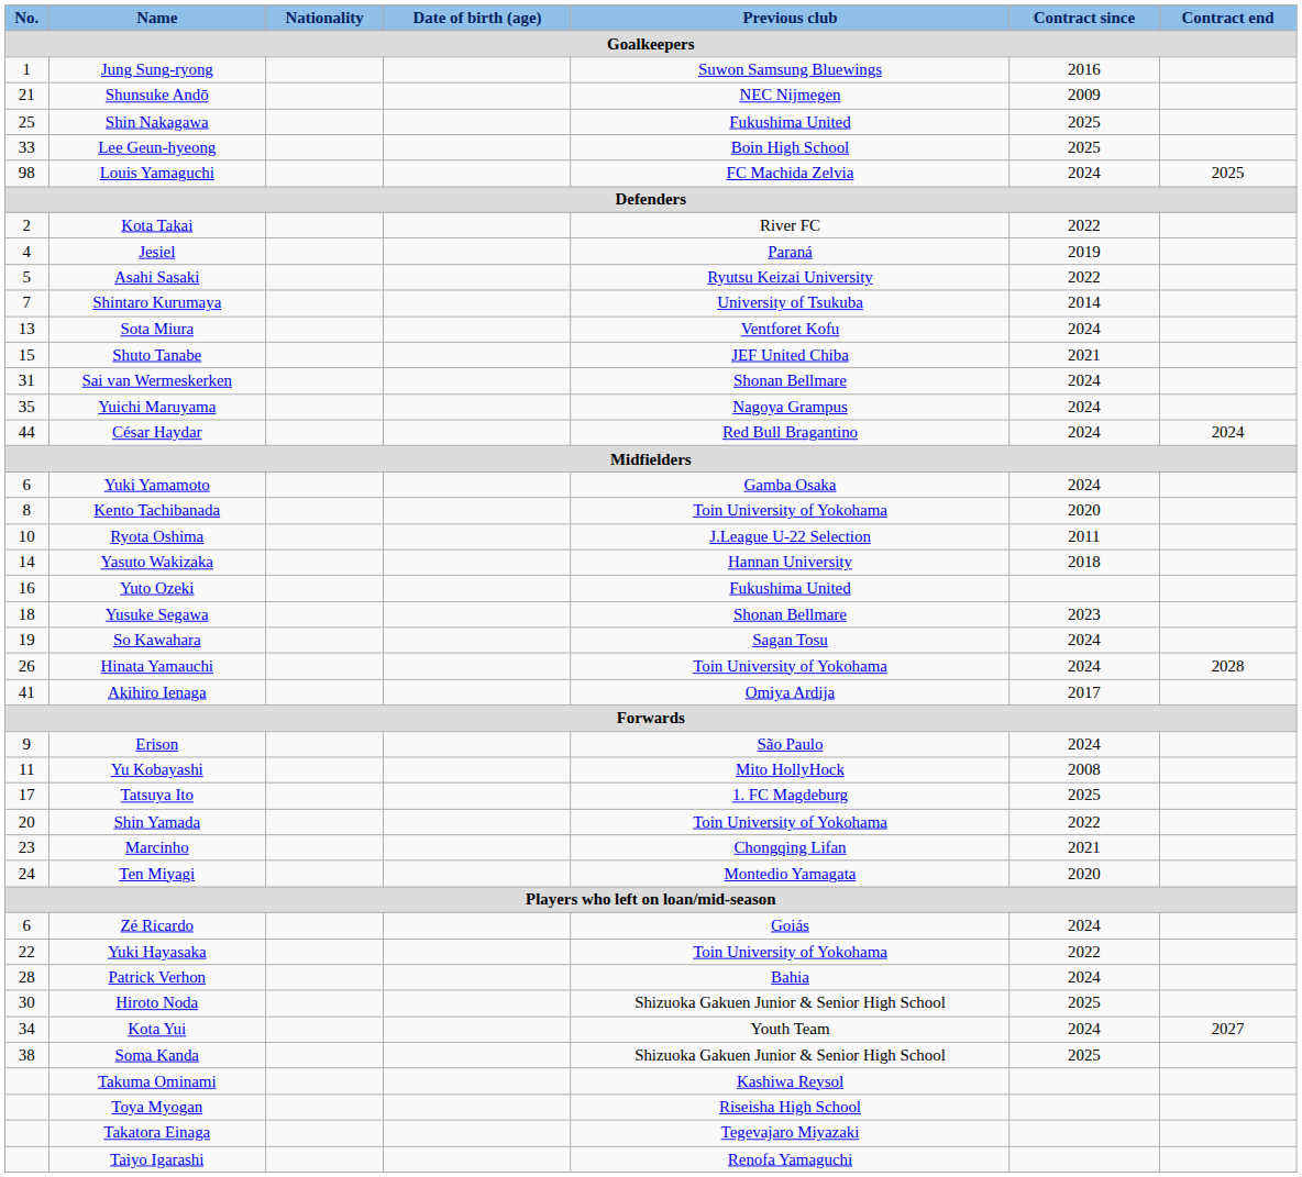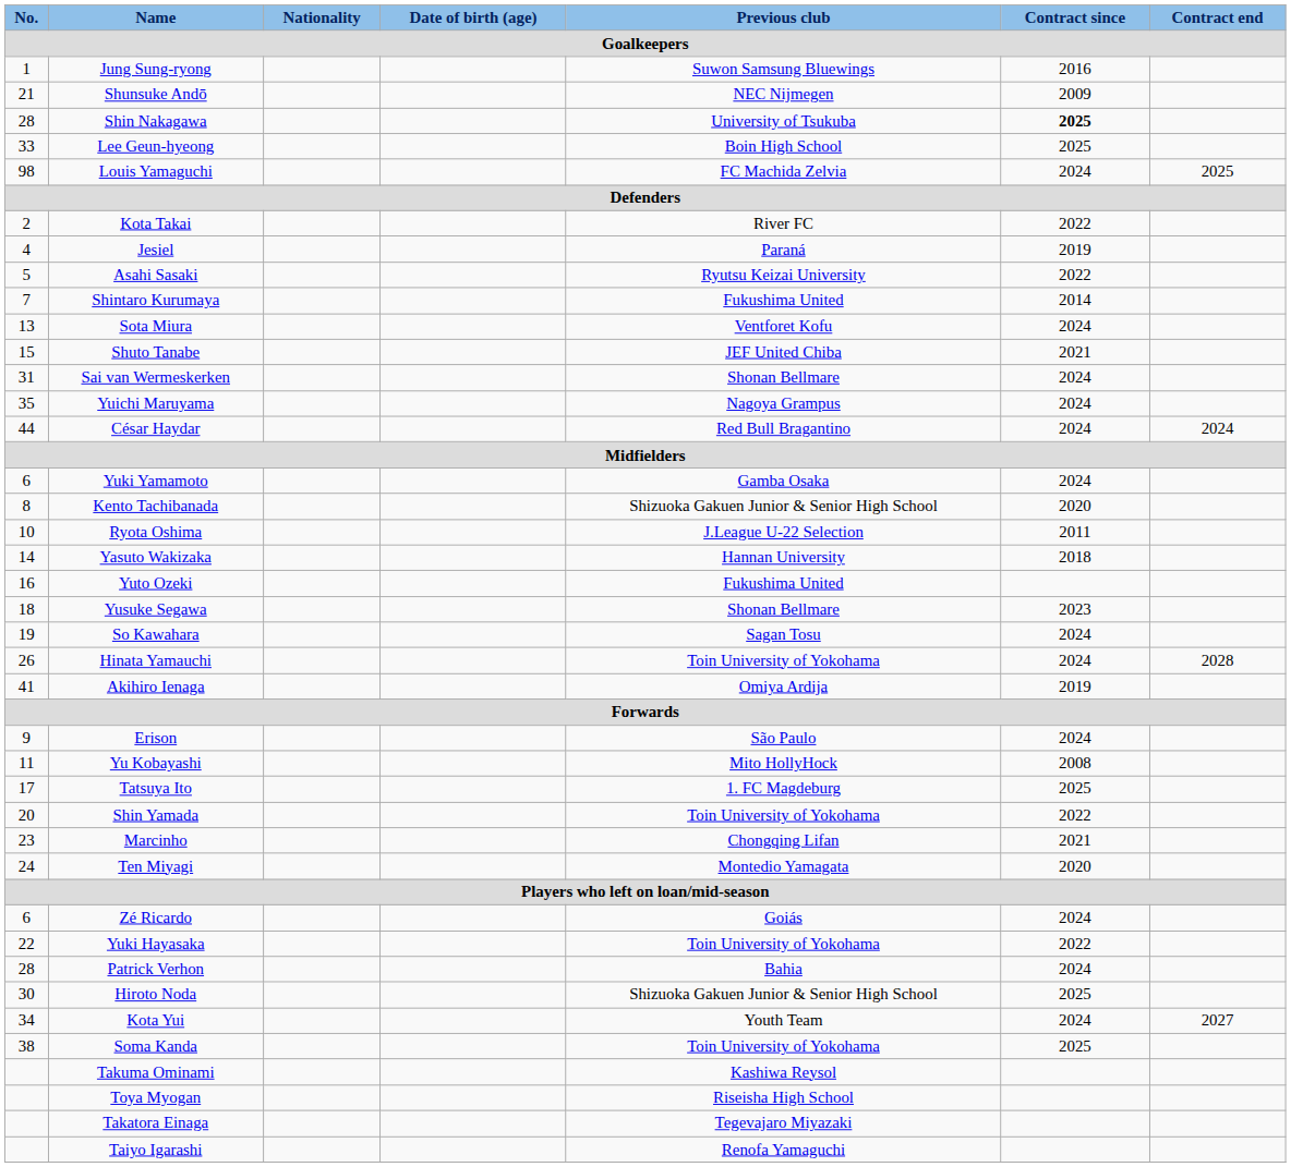 <table class="wikitable" style="text-align:center; font-size:100%; width:100%;">
 <tr>
 <th style="background:#8FC0E9;color:#022360; text-align:center;">No.</th>
 <th style="background:#8FC0E9;color:#022360; text-align:center;">Name</th>
 <th style="background:#8FC0E9;color:#022360; text-align:center;">Nationality</th>
 <th style="background:#8FC0E9;color:#022360; text-align:center;">Date of birth (age)</th>
 <th style="background:#8FC0E9;color:#022360; text-align:center;">Previous club</th>
 <th style="background:#8FC0E9;color:#022360; text-align:center;">Contract since</th>
 <th style="background:#8FC0E9;color:#022360; text-align:center;">Contract end</th>
 </tr>
 <tr>
 <th colspan="8" style="background:#dcdcdc; tepxt-align:center;">Goalkeepers</th>
 </tr>
 <tr>
 <td>1</td>
 <td><a href='#'>Jung Sung-ryong</a></td>
 <td></td>
 <td></td>
 <td> <a href='#'>Suwon Samsung Bluewings</a></td>
 <td>2016</td>
 <td></td>
 </tr>
 <tr>
 <td>21</td>
 <td><a href='#'>Shunsuke Andō</a></td>
 <td></td>
 <td></td>
 <td> <a href='#'>NEC Nijmegen</a></td>
 <td>2009</td>
 <td></td>
 </tr>
 <tr>
-<td>25</td>
+<td>28</td>
 <td><a href='#'>Shin Nakagawa</a></td>
 <td></td>
 <td></td>
-<td> <a href='#'>Fukushima United</a></td>
-<td>2025</td>
+<td> <a href='#'>University of Tsukuba</a></td>
+<td><strong>2025</strong></td>
 <td></td>
 </tr>
 <tr>
 <td>33</td>
 <td><a href='#'>Lee Geun-hyeong</a></td>
 <td></td>
 <td></td>
 <td> <a href='#'>Boin High School</a></td>
 <td>2025</td>
 <td></td>
 </tr>
 <tr>
 <td>98</td>
 <td><a href='#'>Louis Yamaguchi</a></td>
 <td></td>
 <td></td>
 <td> <a href='#'>FC Machida Zelvia</a></td>
 <td>2024</td>
 <td>2025</td>
 </tr>
 <tr>
 <th colspan="8" style="background:#dcdcdc; tepxt-align:center;">Defenders</th>
 </tr>
 <tr>
 <td>2</td>
 <td><a href='#'>Kota Takai</a></td>
 <td></td>
 <td></td>
 <td> River FC</td>
 <td>2022</td>
 <td></td>
 </tr>
 <tr>
 <td>4</td>
 <td><a href='#'>Jesiel</a></td>
 <td></td>
 <td></td>
 <td> <a href='#'>Paraná</a></td>
 <td>2019</td>
 <td></td>
 </tr>
 <tr>
 <td>5</td>
 <td><a href='#'>Asahi Sasaki</a></td>
 <td></td>
 <td></td>
 <td> <a href='#'>Ryutsu Keizai University</a></td>
 <td>2022</td>
 <td></td>
 </tr>
 <tr>
 <td>7</td>
 <td><a href='#'>Shintaro Kurumaya</a></td>
 <td></td>
 <td></td>
-<td> <a href='#'>University of Tsukuba</a></td>
+<td> <a href='#'>Fukushima United</a></td>
 <td>2014</td>
 <td></td>
 </tr>
 <tr>
 <td>13</td>
 <td><a href='#'>Sota Miura</a></td>
 <td></td>
 <td></td>
 <td> <a href='#'>Ventforet Kofu</a></td>
 <td>2024</td>
 <td></td>
 </tr>
 <tr>
 <td>15</td>
 <td><a href='#'>Shuto Tanabe</a></td>
 <td></td>
 <td></td>
 <td> <a href='#'>JEF United Chiba</a></td>
 <td>2021</td>
 <td></td>
 </tr>
 <tr>
 <td>31</td>
 <td><a href='#'>Sai van Wermeskerken</a></td>
 <td></td>
 <td></td>
 <td> <a href='#'>Shonan Bellmare</a></td>
 <td>2024</td>
 <td></td>
 </tr>
 <tr>
 <td>35</td>
 <td><a href='#'>Yuichi Maruyama</a></td>
 <td></td>
 <td></td>
 <td> <a href='#'>Nagoya Grampus</a></td>
 <td>2024</td>
 <td></td>
 </tr>
 <tr>
 <td>44</td>
 <td><a href='#'>César Haydar</a></td>
 <td></td>
 <td></td>
 <td> <a href='#'>Red Bull Bragantino</a></td>
 <td>2024</td>
 <td>2024</td>
 </tr>
 <tr>
 <th colspan="8" style="background:#dcdcdc; tepxt-align:center;">Midfielders</th>
 </tr>
 <tr>
 <td>6</td>
 <td><a href='#'>Yuki Yamamoto</a></td>
 <td></td>
 <td></td>
 <td> <a href='#'>Gamba Osaka</a></td>
 <td>2024</td>
 <td></td>
 </tr>
 <tr>
 <td>8</td>
 <td><a href='#'>Kento Tachibanada</a></td>
 <td></td>
 <td></td>
-<td> <a href='#'>Toin University of Yokohama</a></td>
+<td> Shizuoka Gakuen Junior & Senior High School</td>
 <td>2020</td>
 <td></td>
 </tr>
 <tr>
 <td>10</td>
 <td><a href='#'>Ryota Oshima</a></td>
 <td></td>
 <td></td>
 <td> <a href='#'>J.League U-22 Selection</a></td>
 <td>2011</td>
 <td></td>
 </tr>
 <tr>
 <td>14</td>
 <td><a href='#'>Yasuto Wakizaka</a></td>
 <td></td>
 <td></td>
 <td> <a href='#'>Hannan University</a></td>
 <td>2018</td>
 <td></td>
 </tr>
 <tr>
 <td>16</td>
 <td><a href='#'>Yuto Ozeki</a></td>
 <td></td>
 <td></td>
 <td> <a href='#'>Fukushima United</a></td>
 <td></td>
 <td></td>
 </tr>
 <tr>
 <td>18</td>
 <td><a href='#'>Yusuke Segawa</a></td>
 <td></td>
 <td></td>
 <td> <a href='#'>Shonan Bellmare</a></td>
 <td>2023</td>
 <td></td>
 </tr>
 <tr>
 <td>19</td>
 <td><a href='#'>So Kawahara</a></td>
 <td></td>
 <td></td>
 <td> <a href='#'>Sagan Tosu</a></td>
 <td>2024</td>
 <td></td>
 </tr>
 <tr>
 <td>26</td>
 <td><a href='#'>Hinata Yamauchi</a></td>
 <td></td>
 <td></td>
 <td> <a href='#'>Toin University of Yokohama</a></td>
 <td>2024</td>
 <td>2028</td>
 </tr>
 <tr>
 <td>41</td>
 <td><a href='#'>Akihiro Ienaga</a></td>
 <td></td>
 <td></td>
 <td> <a href='#'>Omiya Ardija</a></td>
-<td>2017</td>
+<td>2019</td>
 <td></td>
 </tr>
 <tr>
 <th colspan="8" style="background:#dcdcdc; tepxt-align:center;">Forwards</th>
 </tr>
 <tr>
 <td>9</td>
 <td><a href='#'>Erison</a></td>
 <td></td>
 <td></td>
 <td> <a href='#'>São Paulo</a></td>
 <td>2024</td>
 <td></td>
 </tr>
 <tr>
 <td>11</td>
 <td><a href='#'>Yu Kobayashi</a></td>
 <td></td>
 <td></td>
 <td> <a href='#'>Mito HollyHock</a></td>
 <td>2008</td>
 <td></td>
 </tr>
 <tr>
 <td>17</td>
 <td><a href='#'>Tatsuya Ito</a></td>
 <td></td>
 <td></td>
 <td> <a href='#'>1. FC Magdeburg</a></td>
 <td>2025</td>
 <td></td>
 </tr>
 <tr>
 <td>20</td>
 <td><a href='#'>Shin Yamada</a></td>
 <td></td>
 <td></td>
 <td> <a href='#'>Toin University of Yokohama</a></td>
 <td>2022</td>
 <td></td>
 </tr>
 <tr>
 <td>23</td>
 <td><a href='#'>Marcinho</a></td>
 <td></td>
 <td></td>
 <td> <a href='#'>Chongqing Lifan</a></td>
 <td>2021</td>
 <td></td>
 </tr>
 <tr>
 <td>24</td>
 <td><a href='#'>Ten Miyagi</a></td>
 <td></td>
 <td></td>
 <td> <a href='#'>Montedio Yamagata</a></td>
 <td>2020</td>
 <td></td>
 </tr>
 <tr>
 <th colspan="8" style="background:#dcdcdc; tepxt-align:center;">Players who left on loan/mid-season</th>
 </tr>
 <tr>
 <td>6</td>
 <td><a href='#'>Zé Ricardo</a></td>
 <td></td>
 <td></td>
 <td> <a href='#'>Goiás</a></td>
 <td>2024</td>
 <td></td>
 </tr>
 <tr>
 <td>22</td>
 <td><a href='#'>Yuki Hayasaka</a></td>
 <td></td>
 <td></td>
 <td> <a href='#'>Toin University of Yokohama</a></td>
 <td>2022</td>
 <td></td>
 </tr>
 <tr>
 <td>28</td>
 <td><a href='#'>Patrick Verhon</a></td>
 <td></td>
 <td></td>
 <td> <a href='#'>Bahia</a></td>
 <td>2024</td>
 <td></td>
 </tr>
 <tr>
 <td>30</td>
 <td><a href='#'>Hiroto Noda</a></td>
 <td></td>
 <td></td>
 <td> Shizuoka Gakuen Junior & Senior High School</td>
 <td>2025</td>
 <td></td>
 </tr>
 <tr>
 <td>34</td>
 <td><a href='#'>Kota Yui</a></td>
 <td></td>
 <td></td>
 <td>Youth Team</td>
 <td>2024</td>
 <td>2027</td>
 </tr>
 <tr>
 <td>38</td>
 <td><a href='#'>Soma Kanda</a></td>
 <td></td>
 <td></td>
-<td> Shizuoka Gakuen Junior & Senior High School</td>
+<td> <a href='#'>Toin University of Yokohama</a></td>
 <td>2025</td>
 <td></td>
 </tr>
 <tr>
 <td></td>
 <td><a href='#'>Takuma Ominami</a></td>
 <td></td>
 <td></td>
 <td> <a href='#'>Kashiwa Reysol</a></td>
 <td></td>
 <td></td>
 </tr>
 <tr>
 <td></td>
 <td><a href='#'>Toya Myogan</a></td>
 <td></td>
 <td></td>
 <td> <a href='#'>Riseisha High School</a></td>
 <td></td>
 <td></td>
 </tr>
 <tr>
 <td></td>
 <td><a href='#'>Takatora Einaga</a></td>
 <td></td>
 <td></td>
 <td> <a href='#'>Tegevajaro Miyazaki</a></td>
 <td></td>
 <td></td>
 </tr>
 <tr>
 <td></td>
 <td><a href='#'>Taiyo Igarashi</a></td>
 <td></td>
 <td></td>
 <td> <a href='#'>Renofa Yamaguchi</a></td>
 <td></td>
 <td></td>
 </tr>
 <tr>
 </tr>
 </table>
